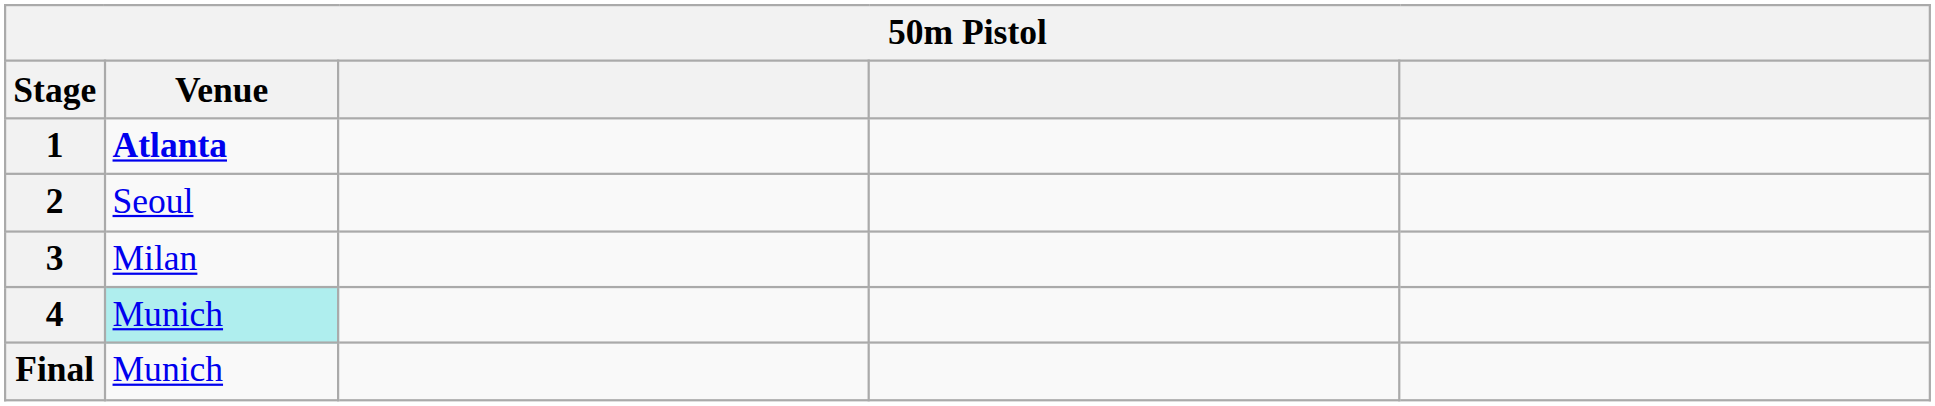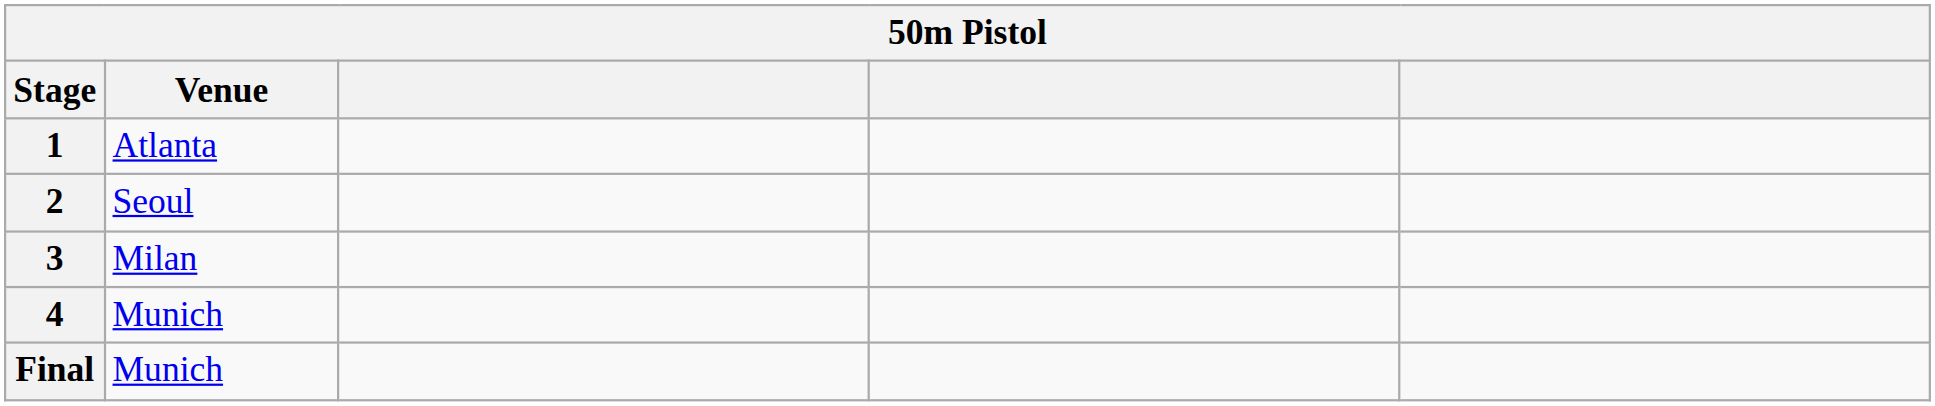 <table class="wikitable">
 <tr>
 <th colspan="5">50m Pistol</th>
 </tr>
 <tr>
 <th>Stage</th>
 <th width=100>Venue</th>
 <th width=240></th>
 <th width=240></th>
 <th width=240></th>
 </tr>
 <tr>
 <th>1</th>
-<td><strong> <a href='#'>Atlanta</a></strong></td>
+<td> <a href='#'>Atlanta</a></td>
 <td></td>
 <td></td>
 <td></td>
 </tr>
 <tr>
 <th>2</th>
 <td> <a href='#'>Seoul</a></td>
 <td></td>
 <td></td>
 <td></td>
 </tr>
 <tr>
 <th>3</th>
 <td> <a href='#'>Milan</a></td>
 <td></td>
 <td></td>
 <td></td>
 </tr>
 <tr>
 <th>4</th>
-<td style="background: paleturquoise;"> <a href='#'>Munich</a></td>
+<td> <a href='#'>Munich</a></td>
 <td></td>
 <td></td>
 <td></td>
 </tr>
 <tr>
 <th>Final</th>
 <td> <a href='#'>Munich</a></td>
 <td></td>
 <td></td>
 <td></td>
 </tr>
 </table>
